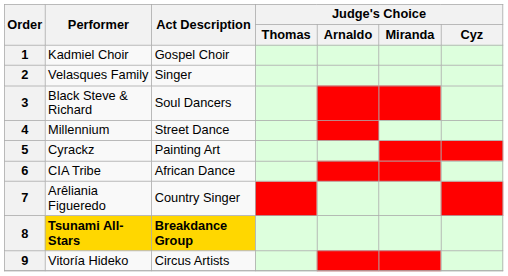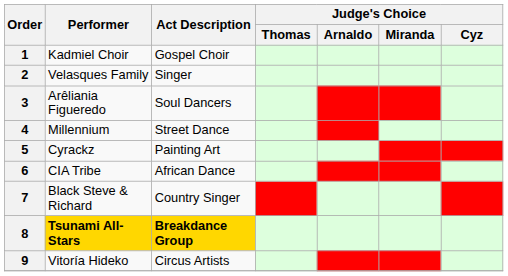 <table class="wikitable" width="100%">
 <tr>
 <th rowspan=2>Order</th>
 <th rowspan=2>Performer</th>
 <th rowspan=2>Act Description</th>
 <th colspan=4>Judge's Choice</th>
 </tr>
 <tr>
 <th width="70">Thomas</th>
 <th width="70">Arnaldo</th>
 <th width="70">Miranda</th>
 <th width="70">Cyz</th>
 </tr>
 <tr>
 <th>1</th>
 <td>Kadmiel Choir</td>
 <td>Gospel Choir</td>
 <td bgcolor="DDFFDD"></td>
 <td bgcolor="DDFFDD"></td>
 <td bgcolor="DDFFDD"></td>
 <td bgcolor="DDFFDD"></td>
 </tr>
 <tr>
 <th>2</th>
 <td>Velasques Family</td>
 <td>Singer</td>
 <td bgcolor="DDFFDD"></td>
 <td bgcolor="DDFFDD"></td>
 <td bgcolor="DDFFDD"></td>
 <td bgcolor="DDFFDD"></td>
 </tr>
 <tr>
 <th>3</th>
-<td>Black Steve & Richard</td>
+<td>Arêliania Figueredo</td>
 <td>Soul Dancers</td>
 <td bgcolor="DDFFDD"></td>
 <td bgcolor="FF0000"></td>
 <td bgcolor="FF0000"></td>
 <td bgcolor="DDFFDD"></td>
 </tr>
 <tr>
 <th>4</th>
 <td>Millennium</td>
 <td>Street Dance</td>
 <td bgcolor="DDFFDD"></td>
 <td bgcolor="FF0000"></td>
 <td bgcolor="DDFFDD"></td>
 <td bgcolor="DDFFDD"></td>
 </tr>
 <tr>
 <th>5</th>
 <td>Cyrackz</td>
 <td>Painting Art</td>
 <td bgcolor="DDFFDD"></td>
 <td bgcolor="DDFFDD"></td>
 <td bgcolor="FF0000"></td>
 <td bgcolor="FF0000"></td>
 </tr>
 <tr>
 <th>6</th>
 <td>CIA Tribe</td>
 <td>African Dance</td>
 <td bgcolor="DDFFDD"></td>
 <td bgcolor="FF0000"></td>
 <td bgcolor="FF0000"></td>
 <td bgcolor="DDFFDD"></td>
 </tr>
 <tr>
 <th>7</th>
-<td>Arêliania Figueredo</td>
+<td>Black Steve & Richard</td>
 <td>Country Singer</td>
 <td bgcolor="FF0000"></td>
 <td bgcolor="DDFFDD"></td>
 <td bgcolor="DDFFDD"></td>
 <td bgcolor="FF0000"></td>
 </tr>
 <tr>
 <th>8</th>
 <td bgcolor="FFD700"><strong>Tsunami All-Stars</strong></td>
 <td bgcolor="FFD700"><strong>Breakdance Group</strong></td>
 <td bgcolor="DDFFDD"></td>
 <td bgcolor="DDFFDD"></td>
 <td bgcolor="DDFFDD"></td>
 <td bgcolor="DDFFDD"></td>
 </tr>
 <tr>
 <th>9</th>
 <td>Vitoría Hideko</td>
 <td>Circus Artists</td>
 <td bgcolor="DDFFDD"></td>
 <td bgcolor="FF0000"></td>
 <td bgcolor="FF0000"></td>
 <td bgcolor="DDFFDD"></td>
 </tr>
 <tr>
 </tr>
 </table>
